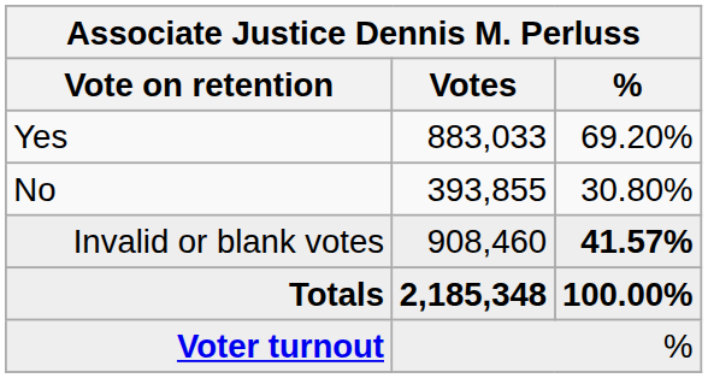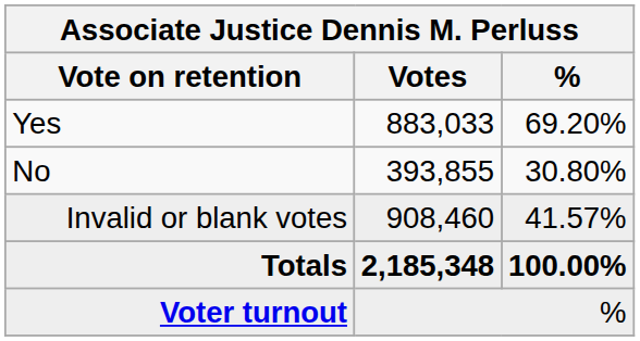 <table class="wikitable" style="font-size: 95%;">
 <tr style="background-color:#E9E9E9">
 <th colspan=7>Associate Justice Dennis M. Perluss</th>
 </tr>
 <tr style="background-color:#E9E9E9">
 <th style="width: 170px">Vote on retention</th>
 <th style="width: 50px">Votes</th>
 <th style="width: 40px">%</th>
 </tr>
 <tr>
 <td>Yes</td>
 <td align="right">883,033</td>
 <td align="right">69.20%</td>
 </tr>
 <tr>
 <td>No</td>
 <td align="right">393,855</td>
 <td align="right">30.80%</td>
 </tr>
 <tr bgcolor="#EEEEEE">
 <td align="right">Invalid or blank votes</td>
 <td align="right">908,460</td>
-<td align="right"><strong>41.57%</strong></td>
+<td align="right">41.57%</td>
 </tr>
 <tr bgcolor="#EEEEEE">
 <td align="right"><strong>Totals</strong></td>
 <td align="right"><strong>2,185,348</strong></td>
 <td align="right"><strong>100.00%</strong></td>
 </tr>
 <tr bgcolor="#EEEEEE">
 <td align="right"><strong><a href='#'>Voter turnout</a></strong></td>
 <td colspan="2" align="right">%</td>
 </tr>
 </table>
